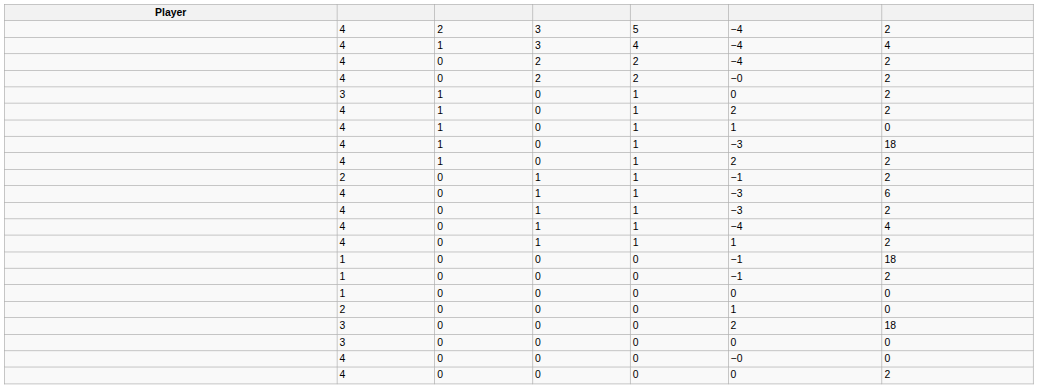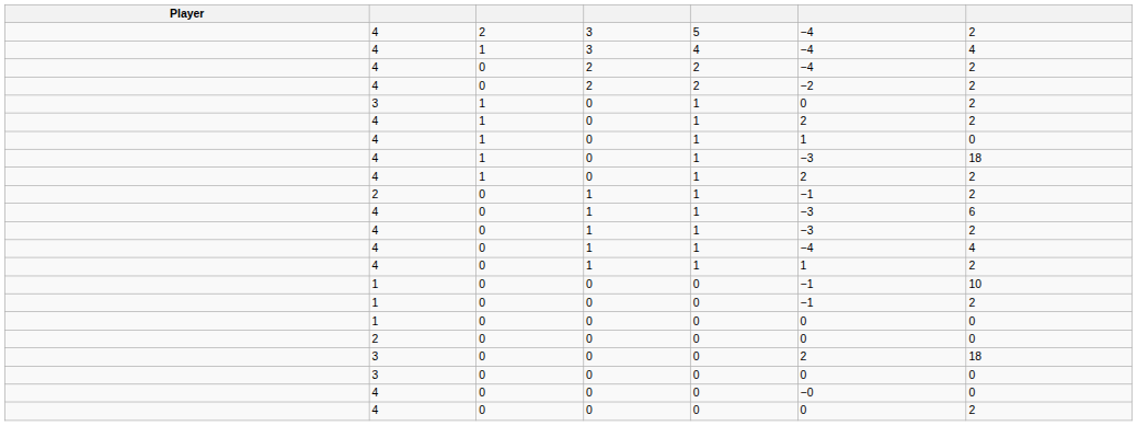 <table class="wikitable sortable" style="width:100%;">
 <tr align=center>
 <th>Player</th>
 <th></th>
 <th></th>
 <th></th>
 <th></th>
 <th data-sort-type="number"></th>
 <th></th>
 </tr>
 <tr>
 <td></td>
 <td>4</td>
 <td>2</td>
 <td>3</td>
 <td>5</td>
 <td>−4</td>
 <td>2</td>
 </tr>
 <tr>
 <td></td>
 <td>4</td>
 <td>1</td>
 <td>3</td>
 <td>4</td>
 <td>−4</td>
 <td>4</td>
 </tr>
 <tr>
 <td></td>
 <td>4</td>
 <td>0</td>
 <td>2</td>
 <td>2</td>
 <td>−4</td>
 <td>2</td>
 </tr>
 <tr>
 <td></td>
 <td>4</td>
 <td>0</td>
 <td>2</td>
 <td>2</td>
-<td>−0</td>
+<td>−2</td>
 <td>2</td>
 </tr>
 <tr>
 <td></td>
 <td>3</td>
 <td>1</td>
 <td>0</td>
 <td>1</td>
 <td>0</td>
 <td>2</td>
 </tr>
 <tr>
 <td></td>
 <td>4</td>
 <td>1</td>
 <td>0</td>
 <td>1</td>
 <td>2</td>
 <td>2</td>
 </tr>
 <tr>
 <td></td>
 <td>4</td>
 <td>1</td>
 <td>0</td>
 <td>1</td>
 <td>1</td>
 <td>0</td>
 </tr>
 <tr>
 <td></td>
 <td>4</td>
 <td>1</td>
 <td>0</td>
 <td>1</td>
 <td>−3</td>
 <td>18</td>
 </tr>
 <tr>
 <td></td>
 <td>4</td>
 <td>1</td>
 <td>0</td>
 <td>1</td>
 <td>2</td>
 <td>2</td>
 </tr>
 <tr>
 <td></td>
 <td>2</td>
 <td>0</td>
 <td>1</td>
 <td>1</td>
 <td>−1</td>
 <td>2</td>
 </tr>
 <tr>
 <td></td>
 <td>4</td>
 <td>0</td>
 <td>1</td>
 <td>1</td>
 <td>−3</td>
 <td>6</td>
 </tr>
 <tr>
 <td></td>
 <td>4</td>
 <td>0</td>
 <td>1</td>
 <td>1</td>
 <td>−3</td>
 <td>2</td>
 </tr>
 <tr>
 <td></td>
 <td>4</td>
 <td>0</td>
 <td>1</td>
 <td>1</td>
 <td>−4</td>
 <td>4</td>
 </tr>
 <tr>
 <td></td>
 <td>4</td>
 <td>0</td>
 <td>1</td>
 <td>1</td>
 <td>1</td>
 <td>2</td>
 </tr>
 <tr>
 <td></td>
 <td>1</td>
 <td>0</td>
 <td>0</td>
 <td>0</td>
 <td>−1</td>
-<td>18</td>
+<td>10</td>
 </tr>
 <tr>
 <td></td>
 <td>1</td>
 <td>0</td>
 <td>0</td>
 <td>0</td>
 <td>−1</td>
 <td>2</td>
 </tr>
 <tr>
 <td></td>
 <td>1</td>
 <td>0</td>
 <td>0</td>
 <td>0</td>
 <td>0</td>
 <td>0</td>
 </tr>
 <tr>
 <td></td>
 <td>2</td>
 <td>0</td>
 <td>0</td>
 <td>0</td>
-<td>1</td>
+<td>0</td>
 <td>0</td>
 </tr>
 <tr>
 <td></td>
 <td>3</td>
 <td>0</td>
 <td>0</td>
 <td>0</td>
 <td>2</td>
 <td>18</td>
 </tr>
 <tr>
 <td></td>
 <td>3</td>
 <td>0</td>
 <td>0</td>
 <td>0</td>
 <td>0</td>
 <td>0</td>
 </tr>
 <tr>
 <td></td>
 <td>4</td>
 <td>0</td>
 <td>0</td>
 <td>0</td>
 <td>−0</td>
 <td>0</td>
 </tr>
 <tr>
 <td></td>
 <td>4</td>
 <td>0</td>
 <td>0</td>
 <td>0</td>
 <td>0</td>
 <td>2</td>
 </tr>
 </table>
